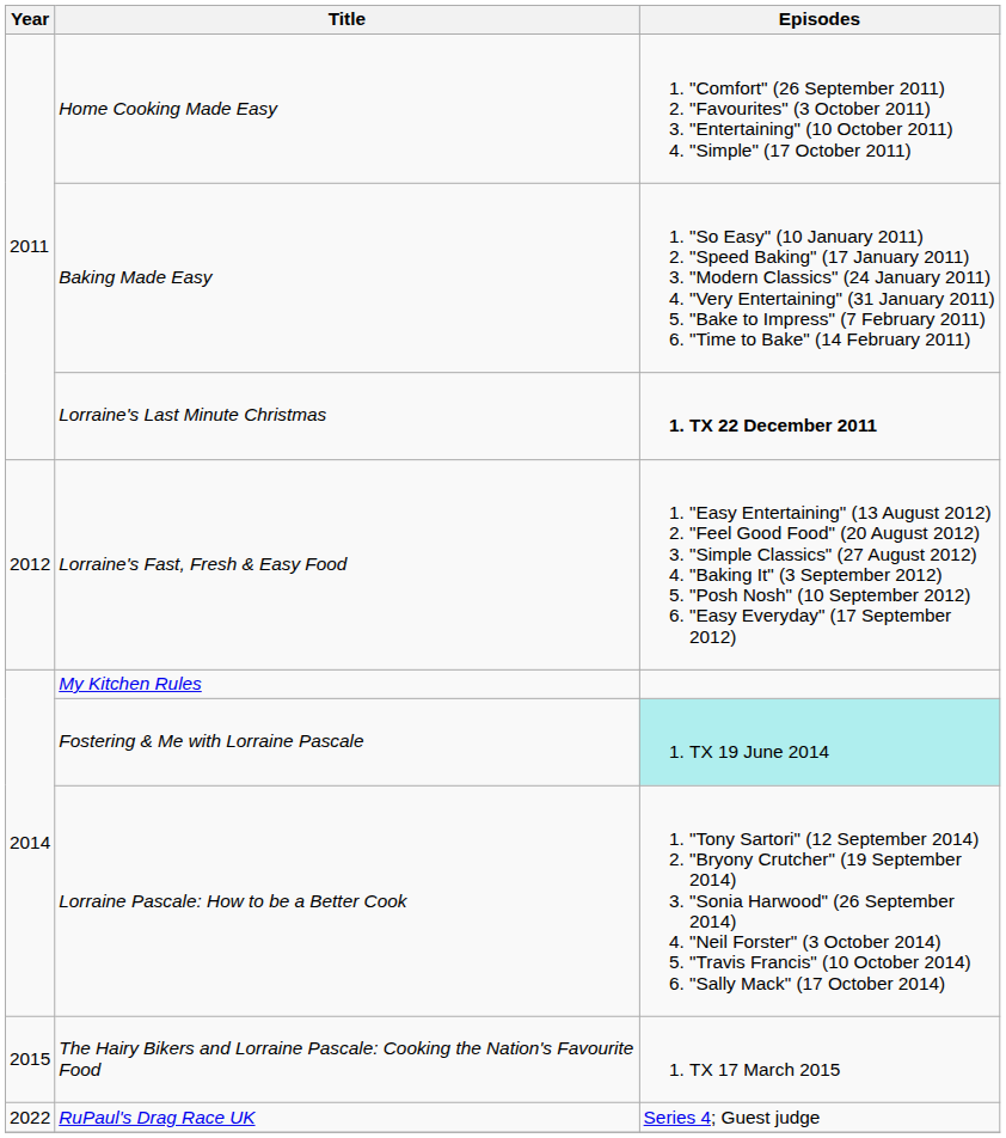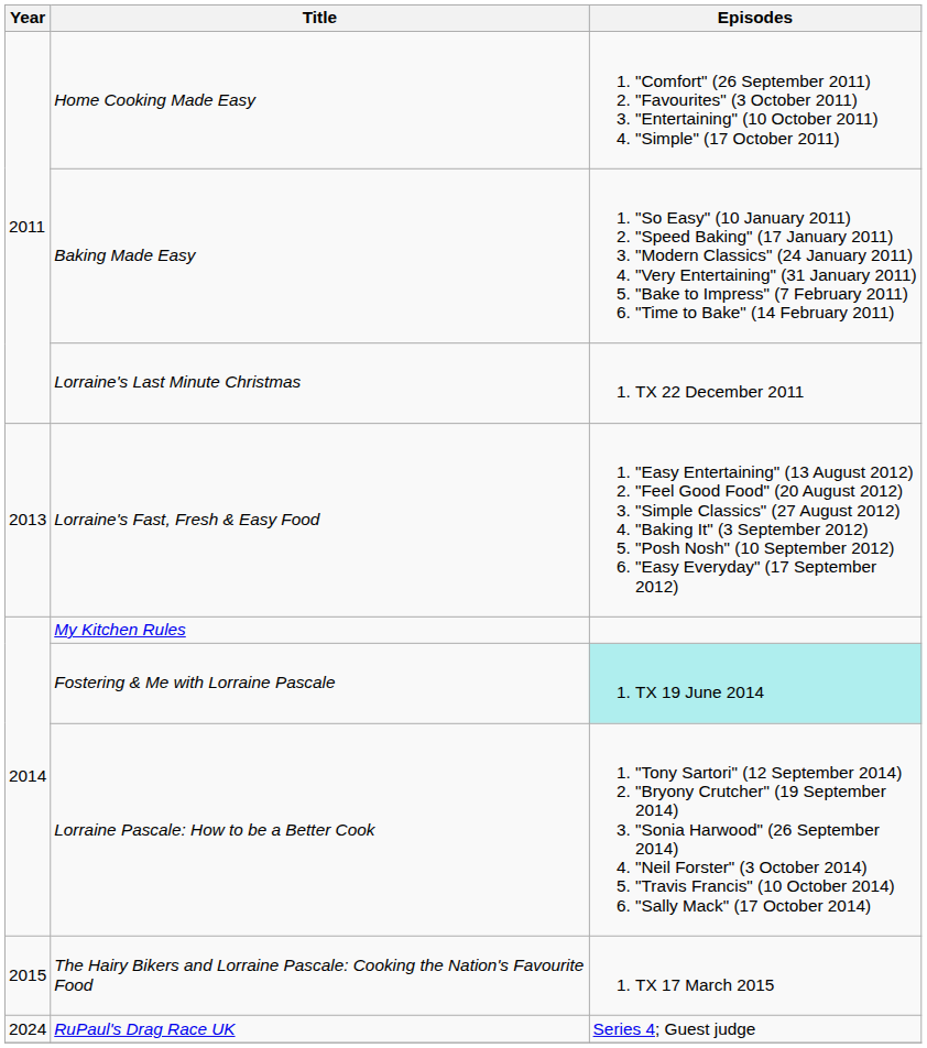 <table class="wikitable">
 <tr style="background:#b0c4de; text-align:center;">
 <th>Year</th>
 <th>Title</th>
 <th>Episodes</th>
 </tr>
 <tr>
 <td rowspan=3>2011</td>
 <td><em>Home Cooking Made Easy</em></td>
 <td><br><ol><li>"Comfort" (26 September 2011)</li><li>"Favourites" (3 October 2011)</li><li>"Entertaining" (10 October 2011)</li><li>"Simple" (17 October 2011)</li></ol></td>
 </tr>
 <tr>
 <td><em>Baking Made Easy</em></td>
 <td><br><ol><li>"So Easy" (10 January 2011)</li><li>"Speed Baking" (17 January 2011)</li><li>"Modern Classics" (24 January 2011)</li><li>"Very Entertaining" (31 January 2011)</li><li>"Bake to Impress" (7 February 2011)</li><li>"Time to Bake" (14 February 2011)</li></ol></td>
 </tr>
 <tr>
 <td><em>Lorraine's Last Minute Christmas</em></td>
-<td><strong><br><ol><li>TX 22 December 2011</li></ol></strong></td>
+<td><br><ol><li>TX 22 December 2011</li></ol></td>
 </tr>
 <tr>
-<td>2012</td>
+<td>2013</td>
 <td><em>Lorraine's Fast, Fresh & Easy Food</em></td>
 <td><br><ol><li>"Easy Entertaining" (13 August 2012)</li><li>"Feel Good Food" (20 August 2012)</li><li>"Simple Classics" (27 August 2012)</li><li>"Baking It" (3 September 2012)</li><li>"Posh Nosh" (10 September 2012)</li><li>"Easy Everyday" (17 September 2012)</li></ol></td>
 </tr>
 <tr>
 <td rowspan=3>2014</td>
 <td><em><a href='#'>My Kitchen Rules</a></em></td>
 <td></td>
 </tr>
 <tr>
 <td><em>Fostering & Me with Lorraine Pascale</em></td>
 <td style="background: paleturquoise;"><br><ol><li>TX 19 June 2014</li></ol></td>
 </tr>
 <tr>
 <td><em>Lorraine Pascale: How to be a Better Cook</em></td>
 <td><br><ol><li>"Tony Sartori" (12 September 2014)</li><li>"Bryony Crutcher" (19 September 2014)</li><li>"Sonia Harwood" (26 September 2014)</li><li>"Neil Forster" (3 October 2014)</li><li>"Travis Francis" (10 October 2014)</li><li>"Sally Mack" (17 October 2014)</li></ol></td>
 </tr>
 <tr>
 <td>2015</td>
 <td><em>The Hairy Bikers and Lorraine Pascale: Cooking the Nation's Favourite Food</em></td>
 <td><br><ol><li>TX 17 March 2015</li></ol></td>
 </tr>
 <tr>
-<td>2022</td>
+<td>2024</td>
 <td><em><a href='#'>RuPaul's Drag Race UK</a></em></td>
 <td><a href='#'>Series 4</a>; Guest judge</td>
 </tr>
 <tr>
 </tr>
 </table>
